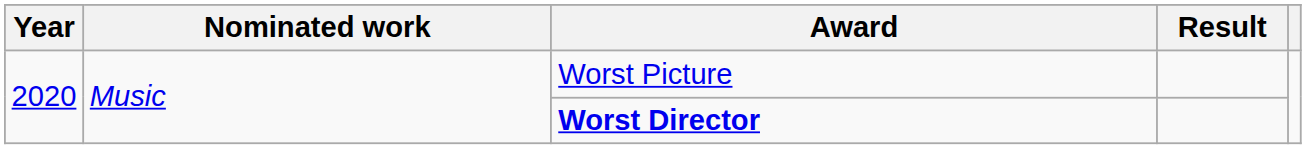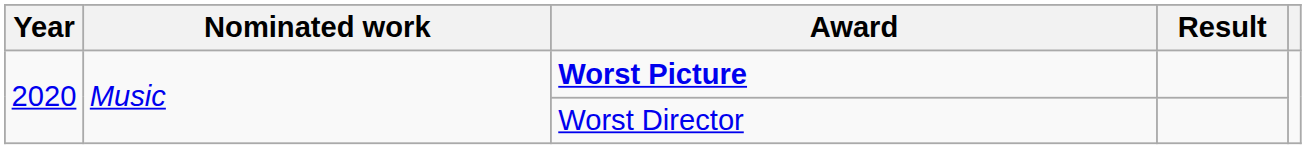 <table class="wikitable">
 <tr>
 <th width="5">Year</th>
 <th style="width:250px;">Nominated work</th>
 <th style="width:325px;">Award</th>
 <th width="65">Result</th>
 <th></th>
 </tr>
 <tr>
 <td rowspan="2"><a href='#'>2020</a></td>
 <td rowspan="2"><em><a href='#'>Music</a></em></td>
-<td><a href='#'>Worst Picture</a></td>
+<td><strong><a href='#'>Worst Picture</a></strong></td>
 <td></td>
 <td rowspan="2"></td>
 </tr>
 <tr>
-<td><strong><a href='#'>Worst Director</a></strong></td>
+<td><a href='#'>Worst Director</a></td>
 <td></td>
 </tr>
 </table>
